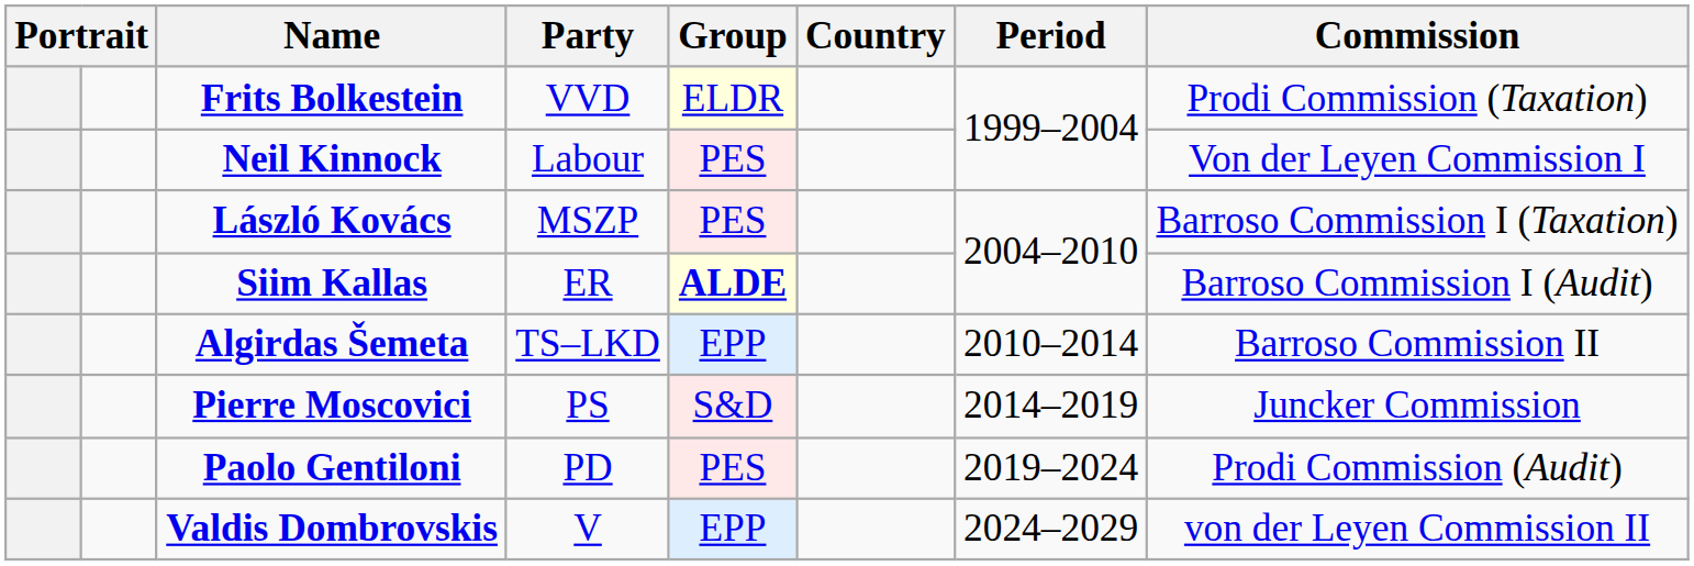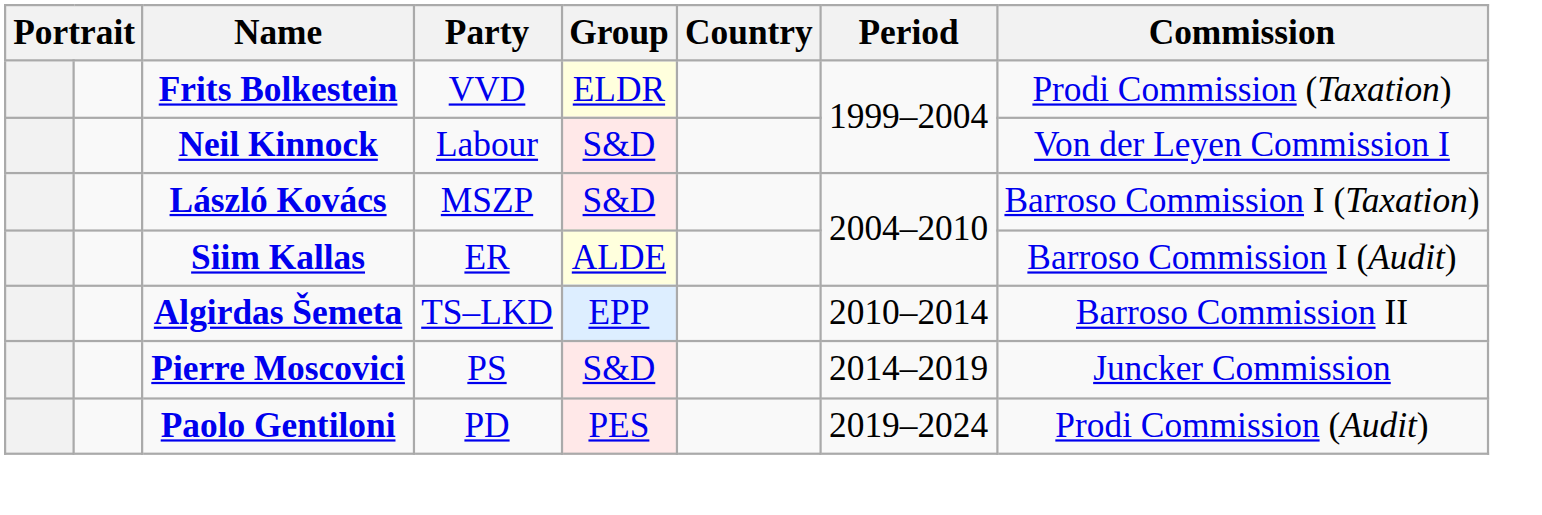 <table class="wikitable" style="text-align:center; border:1px #AAAAFF solid">
 <tr>
 <th colspan=2>Portrait</th>
 <th>Name</th>
 <th>Party</th>
 <th>Group</th>
 <th>Country</th>
 <th>Period</th>
 <th>Commission</th>
 </tr>
 <tr>
 <th style="background:"></th>
 <td></td>
 <td><strong><a href='#'>Frits Bolkestein</a></strong></td>
 <td><a href='#'>VVD</a></td>
 <td bgcolor=#ffffdd><a href='#'>ELDR</a></td>
 <td></td>
 <td rowspan=2>1999–2004</td>
 <td><a href='#'>Prodi Commission</a> (<em>Taxation</em>)</td>
 </tr>
 <tr>
 <th style="background:"></th>
 <td></td>
 <td><strong><a href='#'>Neil Kinnock</a></strong></td>
 <td><a href='#'>Labour</a></td>
-<td bgcolor=#ffe8e8><a href='#'>PES</a></td>
+<td bgcolor=#ffe8e8><a href='#'>S&D</a></td>
 <td></td>
 <td><a href='#'>Von der Leyen Commission I</a></td>
 </tr>
 <tr>
 <th style="background:"></th>
 <td></td>
 <td><strong><a href='#'>László Kovács</a></strong></td>
 <td><a href='#'>MSZP</a></td>
-<td bgcolor=#ffe8e8><a href='#'>PES</a></td>
+<td bgcolor=#ffe8e8><a href='#'>S&D</a></td>
 <td></td>
 <td rowspan=2>2004–2010</td>
 <td><a href='#'>Barroso Commission</a> I (<em>Taxation</em>)</td>
 </tr>
 <tr>
 <th style="background:"></th>
 <td></td>
 <td><strong><a href='#'>Siim Kallas</a></strong></td>
 <td><a href='#'>ER</a></td>
-<td bgcolor=#ffffdd><strong><a href='#'>ALDE</a></strong></td>
+<td bgcolor=#ffffdd><a href='#'>ALDE</a></td>
 <td></td>
 <td><a href='#'>Barroso Commission</a> I (<em>Audit</em>)</td>
 </tr>
 <tr>
 <th style="background:"></th>
 <td></td>
 <td><strong><a href='#'>Algirdas Šemeta</a></strong></td>
 <td><a href='#'>TS–LKD</a></td>
 <td bgcolor=#ddeeff><a href='#'>EPP</a></td>
 <td></td>
 <td>2010–2014</td>
 <td><a href='#'>Barroso Commission</a> II</td>
 </tr>
 <tr>
 <th style="background:"></th>
 <td></td>
 <td><strong><a href='#'>Pierre Moscovici</a></strong></td>
 <td><a href='#'>PS</a></td>
 <td bgcolor=#ffe8e8><a href='#'>S&D</a></td>
 <td></td>
 <td>2014–2019</td>
 <td><a href='#'>Juncker Commission</a></td>
 </tr>
 <tr>
 <th style="background:"></th>
 <td></td>
 <td><strong><a href='#'>Paolo Gentiloni</a></strong></td>
 <td><a href='#'>PD</a></td>
 <td bgcolor=#ffe8e8><a href='#'>PES</a></td>
 <td></td>
 <td>2019–2024</td>
 <td><a href='#'>Prodi Commission</a> (<em>Audit</em>)</td>
 </tr>
-<tr>
-<th style="background:"></th>
-<td></td>
-<td><strong><a href='#'>Valdis Dombrovskis</a></strong></td>
-<td><a href='#'>V</a></td>
-<td bgcolor=#ddeeff><a href='#'>EPP</a></td>
-<td></td>
-<td>2024–2029</td>
-<td><a href='#'>von der Leyen Commission II</a></td>
-</tr>
 </table>
